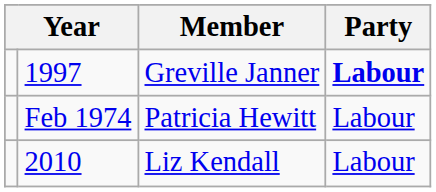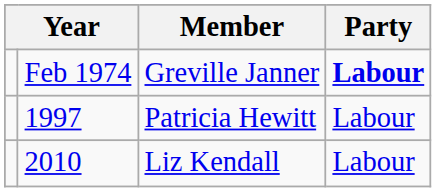 <table class="wikitable">
 <tr>
 <th colspan="2">Year</th>
 <th>Member</th>
 <th>Party</th>
 </tr>
 <tr>
 <td style="color:inherit;background-color: "></td>
-<td><a href='#'>1997</a></td>
+<td><a href='#'>Feb 1974</a></td>
 <td><a href='#'>Greville Janner</a></td>
 <td><strong><a href='#'>Labour</a></strong></td>
 </tr>
 <tr>
 <td style="color:inherit;background-color: "></td>
-<td><a href='#'>Feb 1974</a></td>
+<td><a href='#'>1997</a></td>
 <td><a href='#'>Patricia Hewitt</a></td>
 <td><a href='#'>Labour</a></td>
 </tr>
 <tr>
 <td style="color:inherit;background-color: "></td>
 <td><a href='#'>2010</a></td>
 <td><a href='#'>Liz Kendall</a></td>
 <td><a href='#'>Labour</a></td>
 </tr>
 </table>
